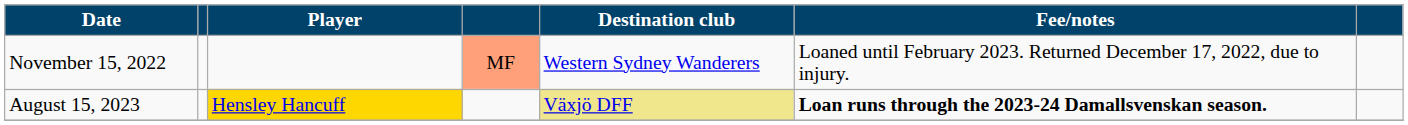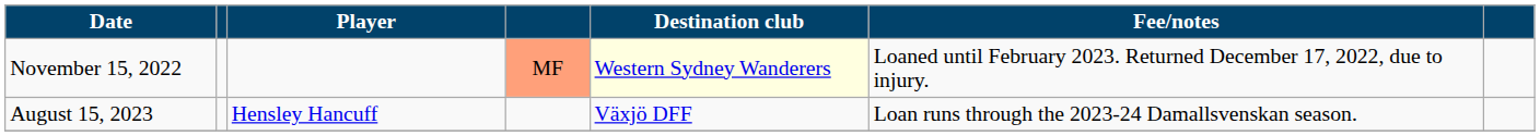 <table class="wikitable sortable" style="text-align:left;">
 <tr>
 <th style="background:#01426A; color:#fff; width:150px;" data-sort-type="date">Date</th>
 <th style="background:#01426A; color:#fff;"></th>
 <th style="background:#01426A; color:#fff; width:200px;">Player</th>
 <th style="background:#01426A; color:#fff; width:55px;"></th>
 <th style="background:#01426A; color:#fff; width:200px;">Destination club</th>
 <th style="background:#01426A; color:#fff; width:450px;">Fee/notes</th>
 <th style="background:#01426A; color:#fff; width:30px;"></th>
 </tr>
 <tr>
 <td>November 15, 2022</td>
 <td></td>
 <td></td>
 <td align="center" style="background: lightsalmon;">MF</td>
-<td> <a href='#'>Western Sydney Wanderers</a></td>
+<td style="background: lightyellow;"> <a href='#'>Western Sydney Wanderers</a></td>
 <td>Loaned until February 2023. Returned December 17, 2022, due to injury.</td>
 <td></td>
 </tr>
 <tr>
 <td>August 15, 2023</td>
 <td></td>
-<td style="background: gold;"><a href='#'>Hensley Hancuff</a></td>
+<td><a href='#'>Hensley Hancuff</a></td>
 <td></td>
-<td style="background: khaki;"> <a href='#'>Växjö DFF</a></td>
-<td><strong>Loan runs through the 2023-24 Damallsvenskan season.</strong></td>
+<td> <a href='#'>Växjö DFF</a></td>
+<td>Loan runs through the 2023-24 Damallsvenskan season.</td>
 <td></td>
 </tr>
 <tr>
 </tr>
 </table>
